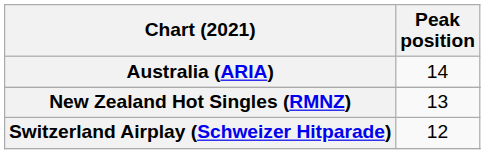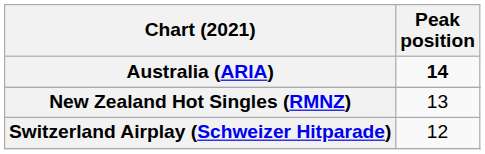 <table class="wikitable sortable plainrowheaders" style="text-align:center">
 <tr>
 <th scope="col">Chart (2021)</th>
 <th scope="col">Peak<br>position</th>
 </tr>
 <tr>
 <th scope="row">Australia (<a href='#'>ARIA</a>)</th>
-<td>14</td>
+<td><strong>14</strong></td>
 </tr>
 <tr>
 </tr>
 <tr>
 </tr>
 <tr>
 </tr>
 <tr>
 <th scope="row">New Zealand Hot Singles (<a href='#'>RMNZ</a>)</th>
 <td>13</td>
 </tr>
 <tr>
 <th scope="row">Switzerland Airplay (<a href='#'>Schweizer Hitparade</a>)</th>
 <td>12</td>
 </tr>
 <tr>
 </tr>
 <tr>
 </tr>
 </table>
